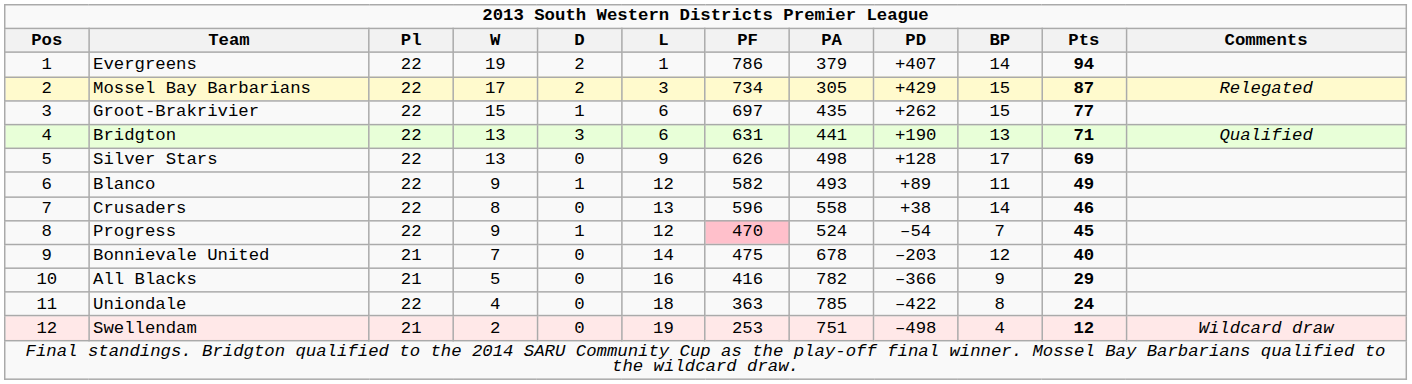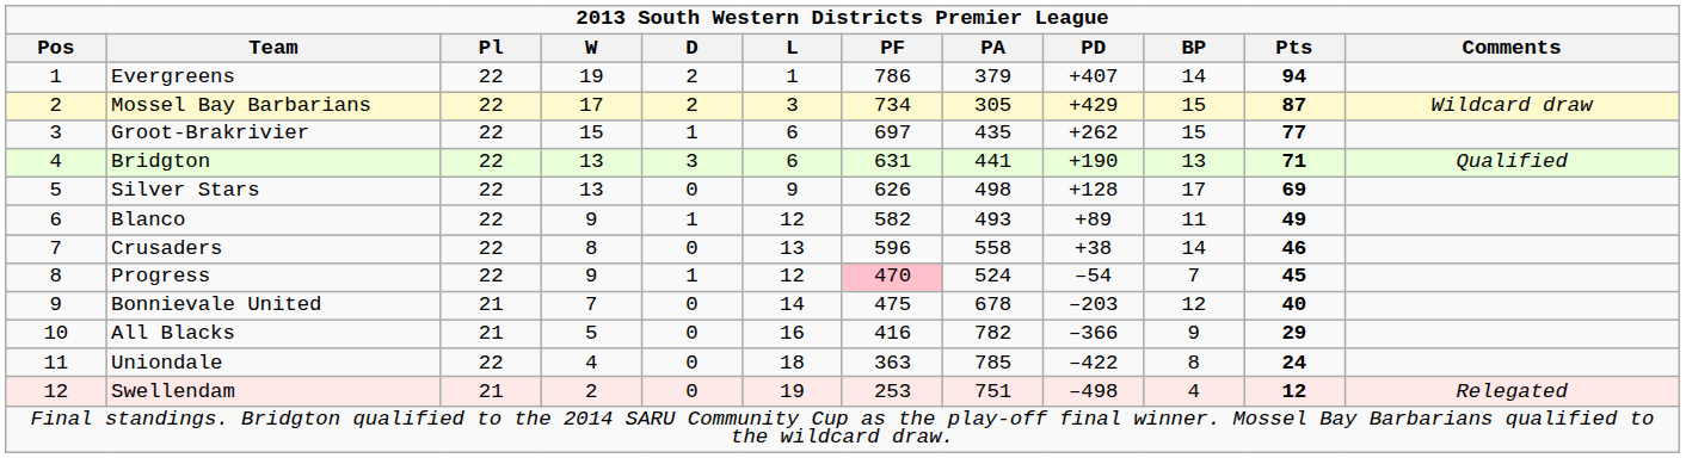 <table class="wikitable"  style="text-align:center; line-height:90%; font-size:90%; width:75%;">
 <tr>
 <td colspan=12><strong>2013 South Western Districts Premier League</strong></td>
 </tr>
 <tr>
 <th style="width:6%;">Pos</th>
 <th style="width:20%;">Team</th>
 <th style="width:6%;">Pl</th>
 <th style="width:6%;">W</th>
 <th style="width:6%;">D</th>
 <th style="width:6%;">L</th>
 <th style="width:6%;">PF</th>
 <th style="width:6%;">PA</th>
 <th style="width:6%;">PD</th>
 <th style="width:6%;">BP</th>
 <th style="width:6%;">Pts</th>
 <th style="width:20%;">Comments<br></th>
 </tr>
 <tr>
 <td>1</td>
 <td style="text-align:left;">Evergreens</td>
 <td>22</td>
 <td>19</td>
 <td>2</td>
 <td>1</td>
 <td>786</td>
 <td>379</td>
 <td>+407</td>
 <td>14</td>
 <td><strong>94</strong></td>
 <td></td>
 </tr>
 <tr bgcolor="#FFFACD">
 <td>2</td>
 <td style="text-align:left;">Mossel Bay Barbarians</td>
 <td>22</td>
 <td>17</td>
 <td>2</td>
 <td>3</td>
 <td>734</td>
 <td>305</td>
 <td>+429</td>
 <td>15</td>
 <td><strong>87</strong></td>
-<td><em>Relegated</em></td>
+<td><em>Wildcard draw</em></td>
 </tr>
 <tr>
 <td>3</td>
 <td style="text-align:left;">Groot-Brakrivier</td>
 <td>22</td>
 <td>15</td>
 <td>1</td>
 <td>6</td>
 <td>697</td>
 <td>435</td>
 <td>+262</td>
 <td>15</td>
 <td><strong>77</strong></td>
 <td></td>
 </tr>
 <tr bgcolor="#E8FFD8">
 <td>4</td>
 <td style="text-align:left;">Bridgton</td>
 <td>22</td>
 <td>13</td>
 <td>3</td>
 <td>6</td>
 <td>631</td>
 <td>441</td>
 <td>+190</td>
 <td>13</td>
 <td><strong>71</strong></td>
 <td><em>Qualified</em></td>
 </tr>
 <tr>
 <td>5</td>
 <td style="text-align:left;">Silver Stars</td>
 <td>22</td>
 <td>13</td>
 <td>0</td>
 <td>9</td>
 <td>626</td>
 <td>498</td>
 <td>+128</td>
 <td>17</td>
 <td><strong>69</strong></td>
 <td></td>
 </tr>
 <tr>
 <td>6</td>
 <td style="text-align:left;">Blanco</td>
 <td>22</td>
 <td>9</td>
 <td>1</td>
 <td>12</td>
 <td>582</td>
 <td>493</td>
 <td>+89</td>
 <td>11</td>
 <td><strong>49</strong></td>
 <td></td>
 </tr>
 <tr>
 <td>7</td>
 <td style="text-align:left;">Crusaders</td>
 <td>22</td>
 <td>8</td>
 <td>0</td>
 <td>13</td>
 <td>596</td>
 <td>558</td>
 <td>+38</td>
 <td>14</td>
 <td><strong>46</strong></td>
 <td></td>
 </tr>
 <tr>
 <td>8</td>
 <td style="text-align:left;">Progress</td>
 <td>22</td>
 <td>9</td>
 <td>1</td>
 <td>12</td>
 <td style="background: pink;">470</td>
 <td>524</td>
 <td>–54</td>
 <td>7</td>
 <td><strong>45</strong></td>
 <td></td>
 </tr>
 <tr>
 <td>9</td>
 <td style="text-align:left;">Bonnievale United</td>
 <td>21</td>
 <td>7</td>
 <td>0</td>
 <td>14</td>
 <td>475</td>
 <td>678</td>
 <td>–203</td>
 <td>12</td>
 <td><strong>40</strong></td>
 <td></td>
 </tr>
 <tr>
 <td>10</td>
 <td style="text-align:left;">All Blacks</td>
 <td>21</td>
 <td>5</td>
 <td>0</td>
 <td>16</td>
 <td>416</td>
 <td>782</td>
 <td>–366</td>
 <td>9</td>
 <td><strong>29</strong></td>
 <td></td>
 </tr>
 <tr>
 <td>11</td>
 <td style="text-align:left;">Uniondale</td>
 <td>22</td>
 <td>4</td>
 <td>0</td>
 <td>18</td>
 <td>363</td>
 <td>785</td>
 <td>–422</td>
 <td>8</td>
 <td><strong>24</strong></td>
 <td></td>
 </tr>
 <tr bgcolor="#FFE8E8">
 <td>12</td>
 <td style="text-align:left;">Swellendam</td>
 <td>21</td>
 <td>2</td>
 <td>0</td>
 <td>19</td>
 <td>253</td>
 <td>751</td>
 <td>–498</td>
 <td>4</td>
 <td><strong>12</strong></td>
-<td><em>Wildcard draw</em></td>
+<td><em>Relegated</em></td>
 </tr>
 <tr>
 <td colspan=12><em>Final standings. Bridgton qualified to the 2014 SARU Community Cup as the play-off final winner. Mossel Bay Barbarians qualified to the wildcard draw.</em></td>
 </tr>
 </table>
